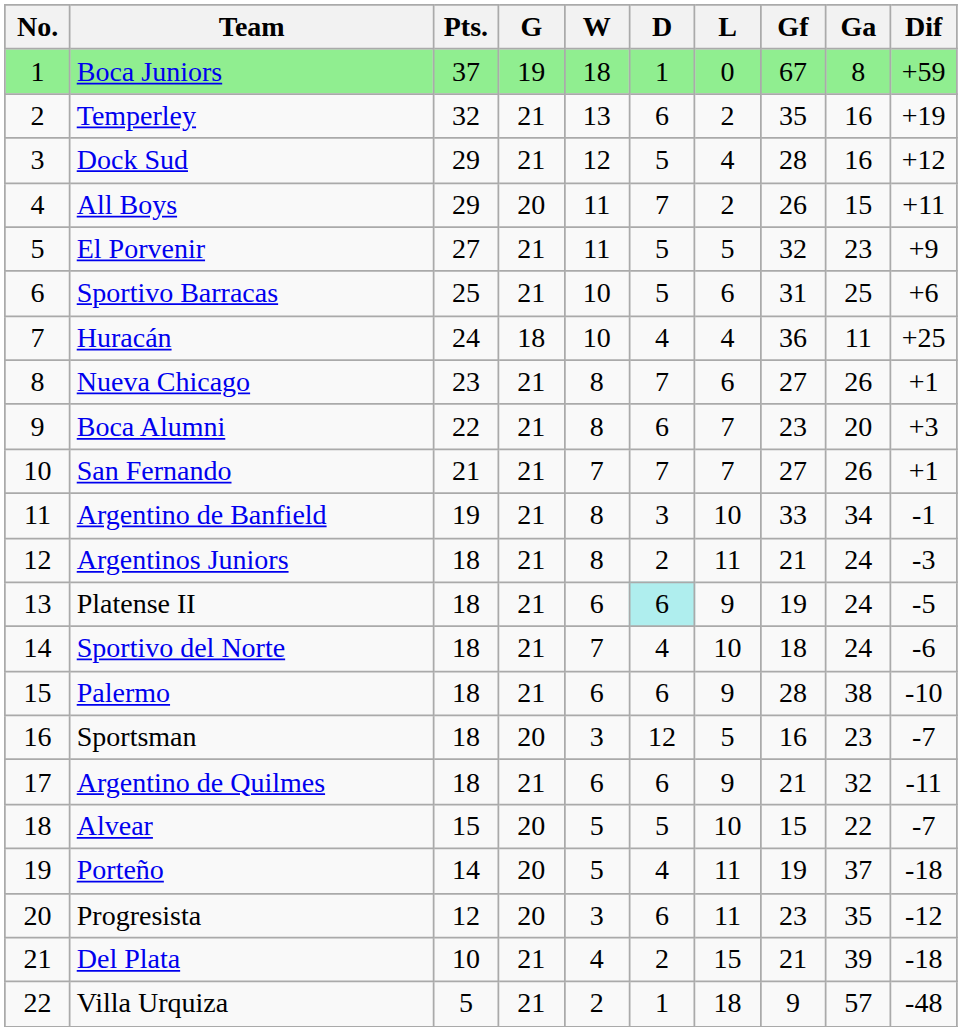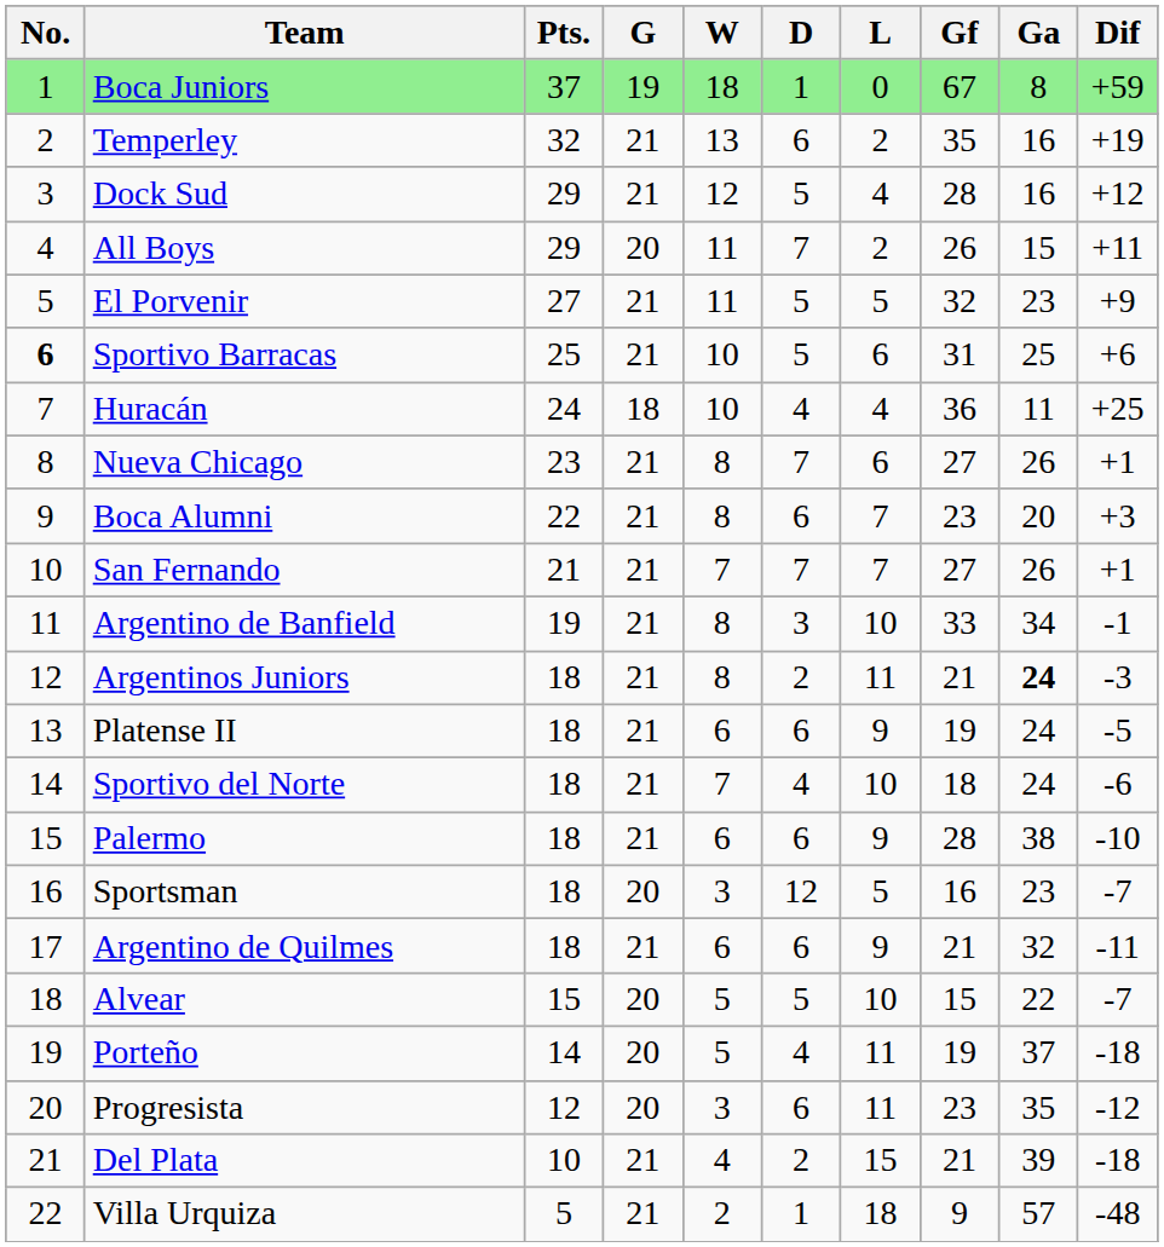 <table class="wikitable" style="text-align:center">
 <tr>
 <th width=30px>No.</th>
 <th width=200px>Team</th>
 <th width=30px>Pts.</th>
 <th width=30px>G</th>
 <th width=30px>W</th>
 <th width=30px>D</th>
 <th width=30px>L</th>
 <th width=30px>Gf</th>
 <th width=30px>Ga</th>
 <th width=30px>Dif</th>
 </tr>
 <tr bgcolor="lightgreen">
 <td>1</td>
 <td align="left"><a href='#'>Boca Juniors</a></td>
 <td>37</td>
 <td>19</td>
 <td>18</td>
 <td>1</td>
 <td>0</td>
 <td>67</td>
 <td>8</td>
 <td>+59</td>
 </tr>
 <tr>
 <td>2</td>
 <td align="left"><a href='#'>Temperley</a></td>
 <td>32</td>
 <td>21</td>
 <td>13</td>
 <td>6</td>
 <td>2</td>
 <td>35</td>
 <td>16</td>
 <td>+19</td>
 </tr>
 <tr>
 <td>3</td>
 <td align="left"><a href='#'>Dock Sud</a></td>
 <td>29</td>
 <td>21</td>
 <td>12</td>
 <td>5</td>
 <td>4</td>
 <td>28</td>
 <td>16</td>
 <td>+12</td>
 </tr>
 <tr>
 <td>4</td>
 <td align="left"><a href='#'>All Boys</a></td>
 <td>29</td>
 <td>20</td>
 <td>11</td>
 <td>7</td>
 <td>2</td>
 <td>26</td>
 <td>15</td>
 <td>+11</td>
 </tr>
 <tr>
 <td>5</td>
 <td align="left"><a href='#'>El Porvenir</a></td>
 <td>27</td>
 <td>21</td>
 <td>11</td>
 <td>5</td>
 <td>5</td>
 <td>32</td>
 <td>23</td>
 <td>+9</td>
 </tr>
 <tr>
-<td>6</td>
+<td><strong>6</strong></td>
 <td align="left"><a href='#'>Sportivo Barracas</a></td>
 <td>25</td>
 <td>21</td>
 <td>10</td>
 <td>5</td>
 <td>6</td>
 <td>31</td>
 <td>25</td>
 <td>+6</td>
 </tr>
 <tr>
 <td>7</td>
 <td align="left"><a href='#'>Huracán</a></td>
 <td>24</td>
 <td>18</td>
 <td>10</td>
 <td>4</td>
 <td>4</td>
 <td>36</td>
 <td>11</td>
 <td>+25</td>
 </tr>
 <tr>
 <td>8</td>
 <td align="left"><a href='#'>Nueva Chicago</a></td>
 <td>23</td>
 <td>21</td>
 <td>8</td>
 <td>7</td>
 <td>6</td>
 <td>27</td>
 <td>26</td>
 <td>+1</td>
 </tr>
 <tr>
 <td>9</td>
 <td align="left"><a href='#'>Boca Alumni</a></td>
 <td>22</td>
 <td>21</td>
 <td>8</td>
 <td>6</td>
 <td>7</td>
 <td>23</td>
 <td>20</td>
 <td>+3</td>
 </tr>
 <tr>
 <td>10</td>
 <td align="left"><a href='#'>San Fernando</a></td>
 <td>21</td>
 <td>21</td>
 <td>7</td>
 <td>7</td>
 <td>7</td>
 <td>27</td>
 <td>26</td>
 <td>+1</td>
 </tr>
 <tr>
 <td>11</td>
 <td align="left"><a href='#'>Argentino de Banfield</a></td>
 <td>19</td>
 <td>21</td>
 <td>8</td>
 <td>3</td>
 <td>10</td>
 <td>33</td>
 <td>34</td>
 <td>-1</td>
 </tr>
 <tr>
 <td>12</td>
 <td align="left"><a href='#'>Argentinos Juniors</a></td>
 <td>18</td>
 <td>21</td>
 <td>8</td>
 <td>2</td>
 <td>11</td>
 <td>21</td>
-<td>24</td>
+<td><strong>24</strong></td>
 <td>-3</td>
 </tr>
 <tr>
 <td>13</td>
 <td align="left">Platense II</td>
 <td>18</td>
 <td>21</td>
 <td>6</td>
-<td style="background: paleturquoise;">6</td>
+<td>6</td>
 <td>9</td>
 <td>19</td>
 <td>24</td>
 <td>-5</td>
 </tr>
 <tr>
 <td>14</td>
 <td align="left"><a href='#'>Sportivo del Norte</a></td>
 <td>18</td>
 <td>21</td>
 <td>7</td>
 <td>4</td>
 <td>10</td>
 <td>18</td>
 <td>24</td>
 <td>-6</td>
 </tr>
 <tr>
 <td>15</td>
 <td align="left"><a href='#'>Palermo</a></td>
 <td>18</td>
 <td>21</td>
 <td>6</td>
 <td>6</td>
 <td>9</td>
 <td>28</td>
 <td>38</td>
 <td>-10</td>
 </tr>
 <tr>
 <td>16</td>
 <td align="left">Sportsman</td>
 <td>18</td>
 <td>20</td>
 <td>3</td>
 <td>12</td>
 <td>5</td>
 <td>16</td>
 <td>23</td>
 <td>-7</td>
 </tr>
 <tr>
 <td>17</td>
 <td align="left"><a href='#'>Argentino de Quilmes</a></td>
 <td>18</td>
 <td>21</td>
 <td>6</td>
 <td>6</td>
 <td>9</td>
 <td>21</td>
 <td>32</td>
 <td>-11</td>
 </tr>
 <tr>
 <td>18</td>
 <td align="left"><a href='#'>Alvear</a></td>
 <td>15</td>
 <td>20</td>
 <td>5</td>
 <td>5</td>
 <td>10</td>
 <td>15</td>
 <td>22</td>
 <td>-7</td>
 </tr>
 <tr>
 <td>19</td>
 <td align="left"><a href='#'>Porteño</a></td>
 <td>14</td>
 <td>20</td>
 <td>5</td>
 <td>4</td>
 <td>11</td>
 <td>19</td>
 <td>37</td>
 <td>-18</td>
 </tr>
 <tr>
 <td>20</td>
 <td align="left">Progresista</td>
 <td>12</td>
 <td>20</td>
 <td>3</td>
 <td>6</td>
 <td>11</td>
 <td>23</td>
 <td>35</td>
 <td>-12</td>
 </tr>
 <tr>
 <td>21</td>
 <td align="left"><a href='#'>Del Plata</a></td>
 <td>10</td>
 <td>21</td>
 <td>4</td>
 <td>2</td>
 <td>15</td>
 <td>21</td>
 <td>39</td>
 <td>-18</td>
 </tr>
 <tr>
 <td>22</td>
 <td align="left">Villa Urquiza</td>
 <td>5</td>
 <td>21</td>
 <td>2</td>
 <td>1</td>
 <td>18</td>
 <td>9</td>
 <td>57</td>
 <td>-48</td>
 </tr>
 <tr>
 </tr>
 </table>
